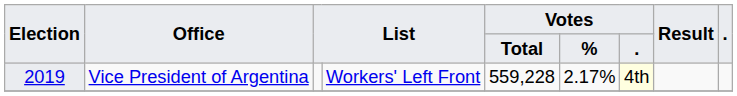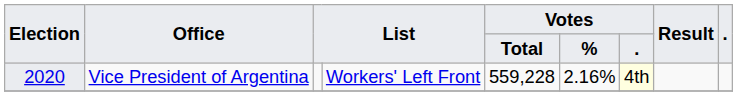 <table class="wikitable" style="font-size:90%; text-align:center;">
 <tr>
 <th style="background-color:#EAECF0;" rowspan=2>Election</th>
 <th style="background-color:#EAECF0;" rowspan=2>Office</th>
 <th style="background-color:#EAECF0;" colspan=2 rowspan=2>List</th>
 <th style="background-color:#EAECF0;" colspan=3>Votes</th>
 <th style="background-color:#EAECF0;" rowspan=2>Result</th>
 <th style="background-color:#EAECF0;" rowspan=2>.</th>
 </tr>
 <tr>
 <th style="background-color:#EAECF0;">Total</th>
 <th style="background-color:#EAECF0;">%</th>
 <th style="background-color:#EAECF0;">.</th>
 </tr>
 <tr>
-<td style="background-color:#EAECF0;"><a href='#'>2019</a></td>
+<td style="background-color:#EAECF0;"><a href='#'>2020</a></td>
 <td><a href='#'>Vice President of Argentina</a></td>
 <td style="background-color:"></td>
 <td><a href='#'>Workers' Left Front</a></td>
 <td>559,228</td>
-<td>2.17%</td>
+<td>2.16%</td>
 <td style="background: lightyellow;">4th</td>
 <td></td>
 <td></td>
 </tr>
 <tr>
 </tr>
 </table>
